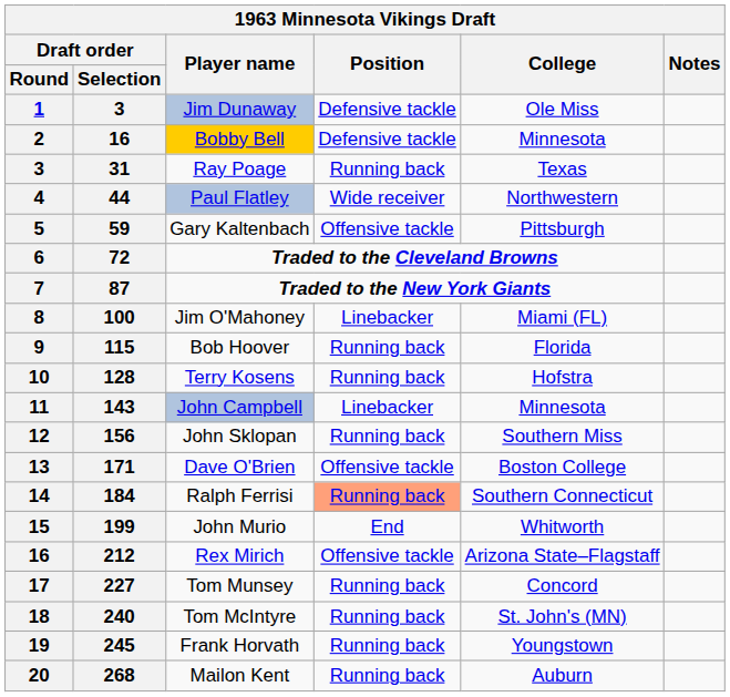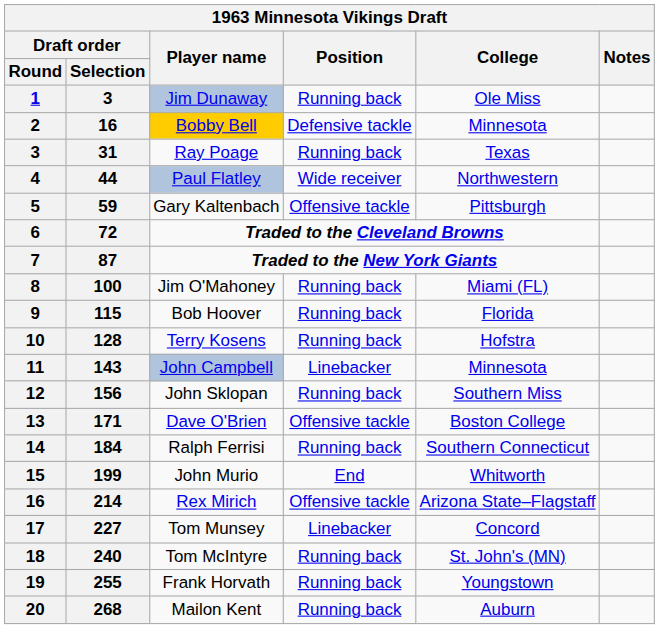 <table class="wikitable" style="text-align:center">
 <tr>
 <th colspan="6">1963 Minnesota Vikings Draft</th>
 </tr>
 <tr>
 <th colspan="2">Draft order</th>
 <th rowspan="2">Player name</th>
 <th rowspan="2">Position</th>
 <th rowspan="2">College</th>
 <th rowspan="2">Notes</th>
 </tr>
 <tr>
 <th>Round</th>
 <th>Selection</th>
 </tr>
 <tr>
 <th><a href='#'>1</a></th>
 <th>3</th>
 <td bgcolor=lightsteelblue><a href='#'>Jim Dunaway</a></td>
-<td><a href='#'>Defensive tackle</a></td>
+<td><a href='#'>Running back</a></td>
 <td><a href='#'>Ole Miss</a></td>
 <td></td>
 </tr>
 <tr>
 <th>2</th>
 <th>16</th>
 <td bgcolor=#FFCC00><a href='#'>Bobby Bell</a></td>
 <td><a href='#'>Defensive tackle</a></td>
 <td><a href='#'>Minnesota</a></td>
 <td></td>
 </tr>
 <tr>
 <th>3</th>
 <th>31</th>
 <td><a href='#'>Ray Poage</a></td>
 <td><a href='#'>Running back</a></td>
 <td><a href='#'>Texas</a></td>
 <td></td>
 </tr>
 <tr>
 <th>4</th>
 <th>44</th>
 <td bgcolor=lightsteelblue><a href='#'>Paul Flatley</a></td>
 <td><a href='#'>Wide receiver</a></td>
 <td><a href='#'>Northwestern</a></td>
 <td></td>
 </tr>
 <tr>
 <th>5</th>
 <th>59</th>
 <td>Gary Kaltenbach</td>
 <td><a href='#'>Offensive tackle</a></td>
 <td><a href='#'>Pittsburgh</a></td>
 <td></td>
 </tr>
 <tr>
 <th>6</th>
 <th>72</th>
 <td colspan="3"><strong><em>Traded to the <a href='#'>Cleveland Browns</a></em></strong></td>
 <td></td>
 </tr>
 <tr>
 <th>7</th>
 <th>87</th>
 <td colspan="3"><strong><em>Traded to the <a href='#'>New York Giants</a></em></strong></td>
 <td></td>
 </tr>
 <tr>
 <th>8</th>
 <th>100</th>
 <td>Jim O'Mahoney</td>
-<td><a href='#'>Linebacker</a></td>
+<td><a href='#'>Running back</a></td>
 <td><a href='#'>Miami (FL)</a></td>
 <td></td>
 </tr>
 <tr>
 <th>9</th>
 <th>115</th>
 <td>Bob Hoover</td>
 <td><a href='#'>Running back</a></td>
 <td><a href='#'>Florida</a></td>
 <td></td>
 </tr>
 <tr>
 <th>10</th>
 <th>128</th>
 <td><a href='#'>Terry Kosens</a></td>
 <td><a href='#'>Running back</a></td>
 <td><a href='#'>Hofstra</a></td>
 <td></td>
 </tr>
 <tr>
 <th>11</th>
 <th>143</th>
 <td bgcolor=lightsteelblue><a href='#'>John Campbell</a></td>
 <td><a href='#'>Linebacker</a></td>
 <td><a href='#'>Minnesota</a></td>
 <td></td>
 </tr>
 <tr>
 <th>12</th>
 <th>156</th>
 <td>John Sklopan</td>
 <td><a href='#'>Running back</a></td>
 <td><a href='#'>Southern Miss</a></td>
 <td></td>
 </tr>
 <tr>
 <th>13</th>
 <th>171</th>
 <td><a href='#'>Dave O'Brien</a></td>
 <td><a href='#'>Offensive tackle</a></td>
 <td><a href='#'>Boston College</a></td>
 <td></td>
 </tr>
 <tr>
 <th>14</th>
 <th>184</th>
 <td>Ralph Ferrisi</td>
-<td style="background: lightsalmon;"><a href='#'>Running back</a></td>
+<td><a href='#'>Running back</a></td>
 <td><a href='#'>Southern Connecticut</a></td>
 <td></td>
 </tr>
 <tr>
 <th>15</th>
 <th>199</th>
 <td>John Murio</td>
 <td><a href='#'>End</a></td>
 <td><a href='#'>Whitworth</a></td>
 <td></td>
 </tr>
 <tr>
 <th>16</th>
-<th>212</th>
+<th>214</th>
 <td><a href='#'>Rex Mirich</a></td>
 <td><a href='#'>Offensive tackle</a></td>
 <td><a href='#'>Arizona State–Flagstaff</a></td>
 <td></td>
 </tr>
 <tr>
 <th>17</th>
 <th>227</th>
 <td>Tom Munsey</td>
-<td><a href='#'>Running back</a></td>
+<td><a href='#'>Linebacker</a></td>
 <td><a href='#'>Concord</a></td>
 <td></td>
 </tr>
 <tr>
 <th>18</th>
 <th>240</th>
 <td>Tom McIntyre</td>
 <td><a href='#'>Running back</a></td>
 <td><a href='#'>St. John's (MN)</a></td>
 <td></td>
 </tr>
 <tr>
 <th>19</th>
-<th>245</th>
+<th>255</th>
 <td>Frank Horvath</td>
 <td><a href='#'>Running back</a></td>
 <td><a href='#'>Youngstown</a></td>
 <td></td>
 </tr>
 <tr>
 <th>20</th>
 <th>268</th>
 <td>Mailon Kent</td>
 <td><a href='#'>Running back</a></td>
 <td><a href='#'>Auburn</a></td>
 <td></td>
 </tr>
 </table>
